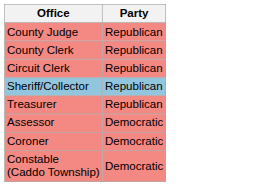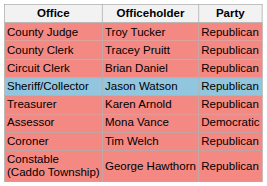 <table class="wikitable">
 <tr>
 <th>Office</th>
+<th>Officeholder</th>
 <th>Party</th>
 </tr>
 <tr style="background-color:#F48882;">
 <td>County Judge</td>
+<td>Troy Tucker</td>
 <td>Republican</td>
 </tr>
 <tr style="background-color:#F48882;">
 <td>County Clerk</td>
+<td>Tracey Pruitt</td>
 <td>Republican</td>
 </tr>
 <tr style="background-color:#F48882;">
 <td>Circuit Clerk</td>
+<td>Brian Daniel</td>
 <td>Republican</td>
 </tr>
 <tr style="background-color:#92C5DE;">
 <td>Sheriff/Collector</td>
+<td>Jason Watson</td>
 <td>Republican</td>
 </tr>
 <tr style="background-color:#F48882;">
 <td>Treasurer</td>
+<td>Karen Arnold</td>
 <td>Republican</td>
 </tr>
 <tr style="background-color:#F48882;">
 <td>Assessor</td>
+<td>Mona Vance</td>
 <td>Democratic</td>
 </tr>
 <tr style="background-color:#F48882;">
 <td>Coroner</td>
-<td>Democratic</td>
+<td>Tim Welch</td>
+<td>Republican</td>
 </tr>
 <tr style="background-color:#F48882;">
 <td>Constable<br>(Caddo Township)</td>
-<td>Democratic</td>
+<td>George Hawthorn</td>
+<td>Republican</td>
 </tr>
 </table>
